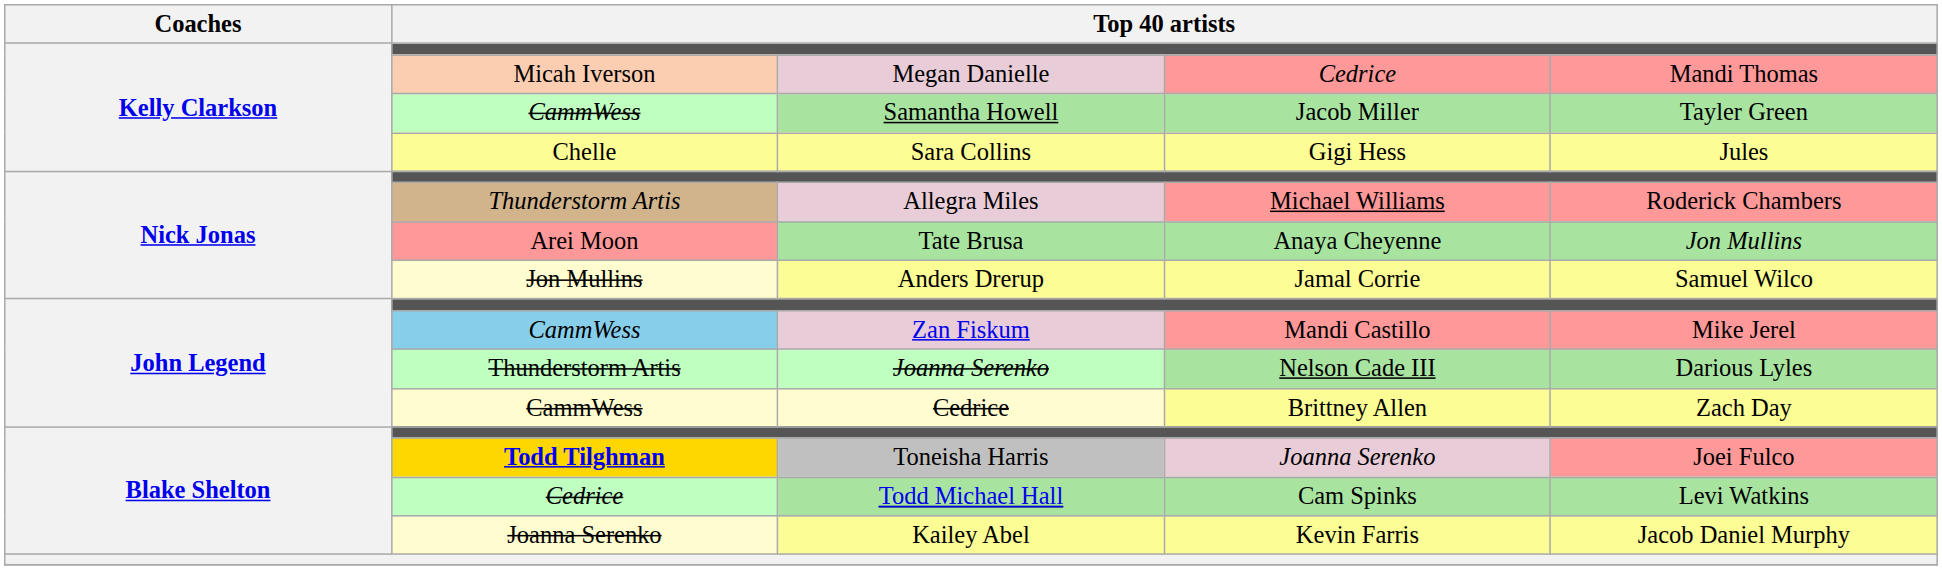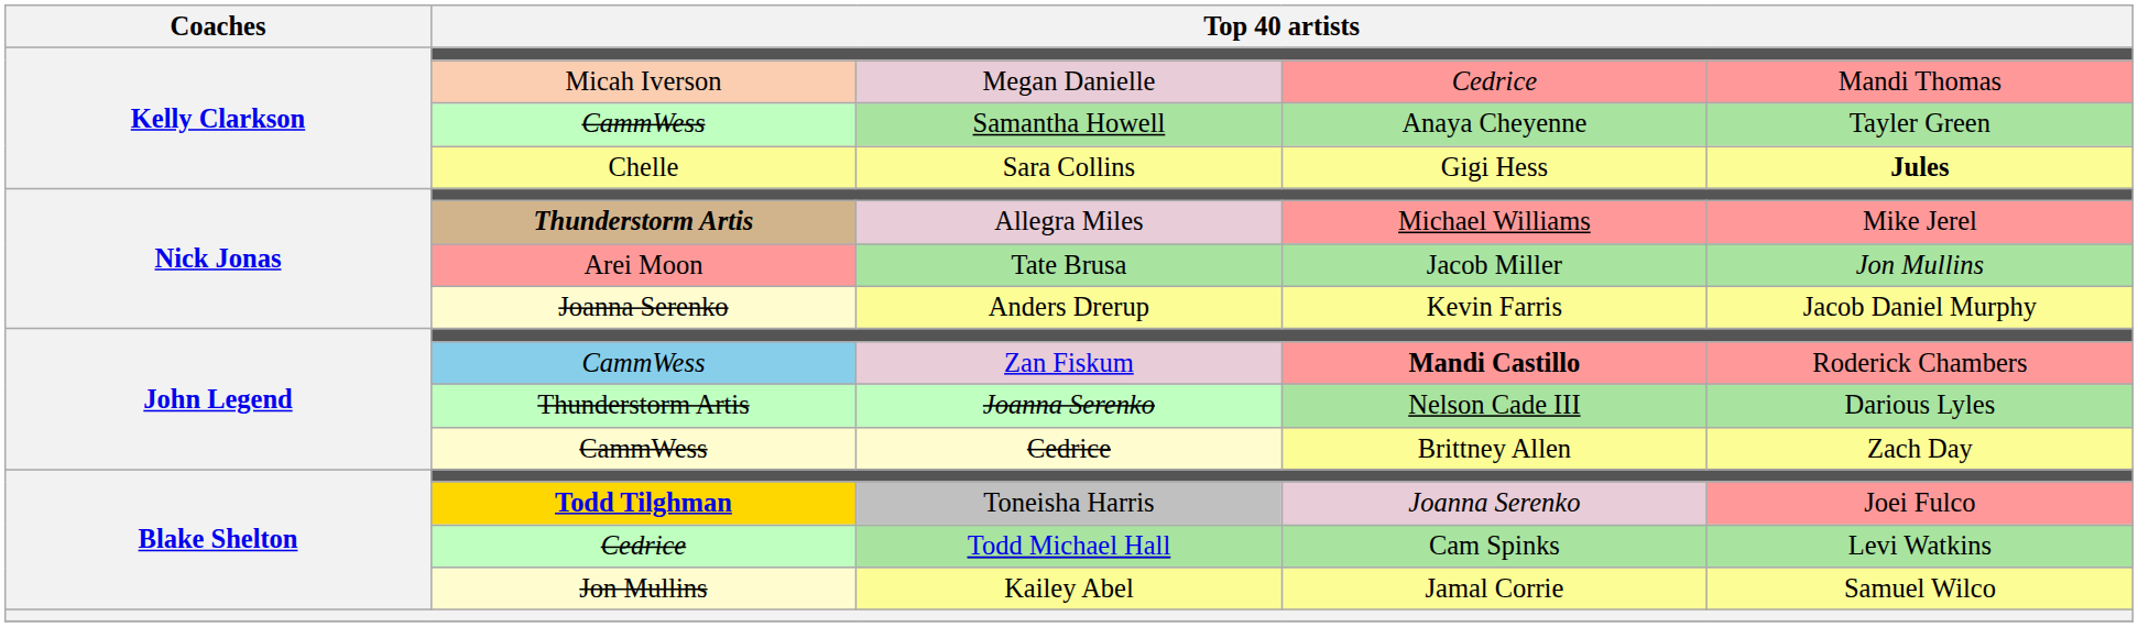 <table class="wikitable" style="text-align:center; width:100%;">
 <tr>
 <th scope="col" style="width:20%">Coaches</th>
 <th colspan="6" style="width:80%">Top 40 artists</th>
 </tr>
 <tr>
 <th rowspan="4"><a href='#'>Kelly Clarkson</a></th>
 <td colspan="5" style="background:#555;"></td>
 </tr>
 <tr>
 <td style="width:20%" bgcolor="#fbceb1">Micah Iverson</td>
 <td style="width:20%" bgcolor="#E8CCD7">Megan Danielle</td>
 <td style="width:20%" bgcolor="#FF9999"><em>Cedrice</em></td>
 <td style="width:20%" bgcolor="#FF9999">Mandi Thomas</td>
 </tr>
 <tr>
 <td bgcolor="#BFFFC0"><s><em>CammWess</em></s></td>
 <td style="background:#A8E4A0"><u>Samantha Howell</u></td>
-<td style="background:#A8E4A0">Jacob Miller</td>
+<td style="background:#A8E4A0">Anaya Cheyenne</td>
 <td style="background:#A8E4A0">Tayler Green</td>
 </tr>
 <tr>
 <td style="background:#FDFD96;">Chelle</td>
 <td style="background:#FDFD96;">Sara Collins</td>
 <td style="background:#FDFD96;">Gigi Hess</td>
-<td style="background:#FDFD96;">Jules</td>
+<td style="background:#FDFD96;"><strong>Jules</strong></td>
 </tr>
 <tr>
 <th rowspan="4"><a href='#'>Nick Jonas</a></th>
 <td colspan="5" style="background:#555;"></td>
 </tr>
 <tr>
-<td style="width:17%;"bgcolor="tan"><em>Thunderstorm Artis</em></td>
+<td style="width:17%;"bgcolor="tan"><strong><em>Thunderstorm Artis</em></strong></td>
 <td style="background:#E8CCD7;">Allegra Miles</td>
 <td style="background:#FF9999;"><u>Michael Williams</u></td>
-<td style="background:#FF9999;">Roderick Chambers</td>
+<td style="background:#FF9999;">Mike Jerel</td>
 </tr>
 <tr>
 <td style="background:#FF9999;">Arei Moon</td>
 <td style="background:#A8E4A0">Tate Brusa</td>
-<td style="background:#A8E4A0">Anaya Cheyenne</td>
+<td style="background:#A8E4A0">Jacob Miller</td>
 <td style="background:#A8E4A0"><em>Jon Mullins</em></td>
 </tr>
 <tr>
-<td style="background:#FFFDD0"><s>Jon Mullins</s></td>
+<td style="background:#FFFDD0"><s>Joanna Serenko</s></td>
 <td style="background:#FDFD96;">Anders Drerup</td>
-<td style="background:#FDFD96;">Jamal Corrie</td>
-<td style="background:#FDFD96;">Samuel Wilco</td>
+<td style="background:#FDFD96;">Kevin Farris</td>
+<td style="background:#FDFD96;">Jacob Daniel Murphy</td>
 </tr>
 <tr>
 <th rowspan="4"><a href='#'>John Legend</a></th>
 <td colspan="5" style="background:#555;"></td>
 </tr>
 <tr>
 <td style="background:skyblue;"><em>CammWess</em></td>
 <td style="background:#E8CCD7;"><a href='#'>Zan Fiskum</a></td>
-<td style="background:#FF9999;">Mandi Castillo</td>
-<td style="background:#FF9999;">Mike Jerel</td>
+<td style="background:#FF9999;"><strong>Mandi Castillo</strong></td>
+<td style="background:#FF9999;">Roderick Chambers</td>
 </tr>
 <tr>
 <td style="background:#BFFFC0;"><s>Thunderstorm Artis</s></td>
 <td style="background:#BFFFC0;"><em><s>Joanna Serenko</s></em></td>
 <td style="background:#A8E4A0"><u>Nelson Cade III</u></td>
 <td style="background:#A8E4A0">Darious Lyles</td>
 </tr>
 <tr>
 <td style="background:#FFFDD0"><s>CammWess</s></td>
 <td style="background:#FFFDD0"><s>Cedrice</s></td>
 <td style="background:#FDFD96;">Brittney Allen</td>
 <td style="background:#FDFD96;">Zach Day</td>
 </tr>
 <tr>
 <th rowspan="4"><a href='#'>Blake Shelton</a></th>
 <td colspan="5" style="background:#555;"></td>
 </tr>
 <tr>
 <td style="background:gold;"><strong><a href='#'>Todd Tilghman</a></strong></td>
 <td style="background:silver;">Toneisha Harris</td>
 <td style="background:#E8CCD7;"><em>Joanna Serenko</em></td>
 <td style="background:#FF9999;">Joei Fulco</td>
 </tr>
 <tr>
 <td style="background:#BFFFC0;"><s><em>Cedrice</em></s></td>
 <td style="background:#A8E4A0"><u><a href='#'>Todd Michael Hall</a></u></td>
 <td style="background:#A8E4A0">Cam Spinks</td>
 <td style="background:#A8E4A0">Levi Watkins</td>
 </tr>
 <tr>
-<td style="background:#FFFDD0"><s>Joanna Serenko</s></td>
+<td style="background:#FFFDD0"><s>Jon Mullins</s></td>
 <td style="background:#FDFD96;">Kailey Abel</td>
-<td style="background:#FDFD96;">Kevin Farris</td>
-<td style="background:#FDFD96;">Jacob Daniel Murphy</td>
+<td style="background:#FDFD96;">Jamal Corrie</td>
+<td style="background:#FDFD96;">Samuel Wilco</td>
 </tr>
 <tr>
 <th style="font-size:90%; line-height:12px;" colspan="7"><small></small></th>
 </tr>
 <tr>
 </tr>
 </table>
